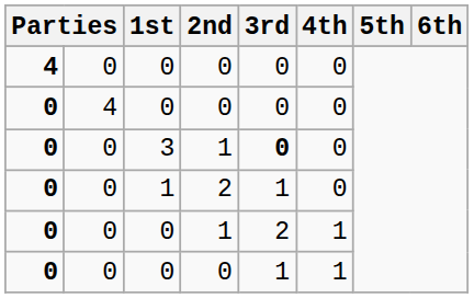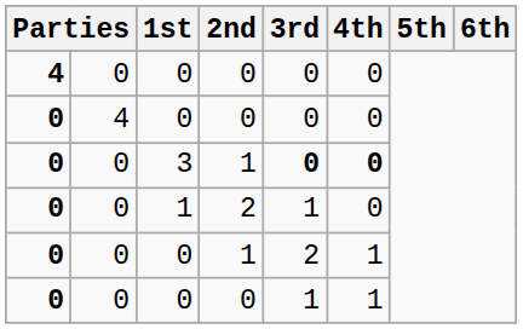 <table class="wikitable" style="text-align:right;">
 <tr>
 <th colspan=2 style="text-align:left;">Parties</th>
 <th>1st</th>
 <th>2nd</th>
 <th>3rd</th>
 <th>4th</th>
 <th>5th</th>
 <th>6th</th>
 </tr>
 <tr>
 <td><strong>4</strong></td>
 <td>0</td>
 <td>0</td>
 <td>0</td>
 <td>0</td>
 <td>0</td>
 </tr>
 <tr>
 <td><strong>0</strong></td>
 <td>4</td>
 <td>0</td>
 <td>0</td>
 <td>0</td>
 <td>0</td>
 </tr>
 <tr>
 <td><strong>0</strong></td>
 <td>0</td>
 <td>3</td>
 <td>1</td>
 <td><strong>0</strong></td>
-<td>0</td>
+<td><strong>0</strong></td>
 </tr>
 <tr>
 <td><strong>0</strong></td>
 <td>0</td>
 <td>1</td>
 <td>2</td>
 <td>1</td>
 <td>0</td>
 </tr>
 <tr>
 <td><strong>0</strong></td>
 <td>0</td>
 <td>0</td>
 <td>1</td>
 <td>2</td>
 <td>1</td>
 </tr>
 <tr>
 <td><strong>0</strong></td>
 <td>0</td>
 <td>0</td>
 <td>0</td>
 <td>1</td>
 <td>1</td>
 </tr>
 </table>
